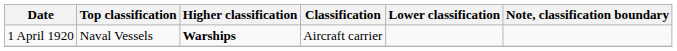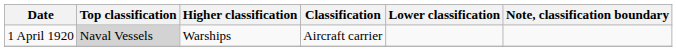 <table class="wikitable">
 <tr>
 <th>Date</th>
 <th>Top classification</th>
 <th>Higher classification</th>
 <th>Classification</th>
 <th>Lower classification</th>
 <th>Note, classification boundary</th>
 </tr>
 <tr>
 <td>1 April 1920</td>
-<td>Naval Vessels</td>
-<td><strong>Warships</strong></td>
+<td style="background: lightgrey;">Naval Vessels</td>
+<td>Warships</td>
 <td>Aircraft carrier</td>
 <td></td>
 <td></td>
 </tr>
 <tr>
 </tr>
 </table>
